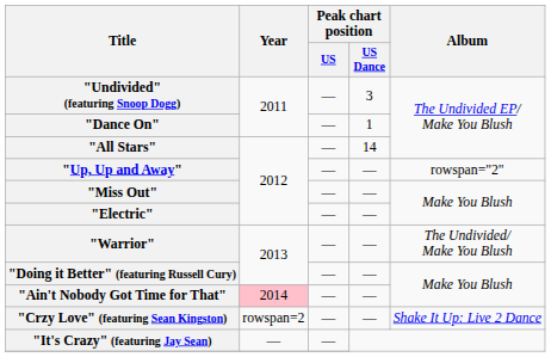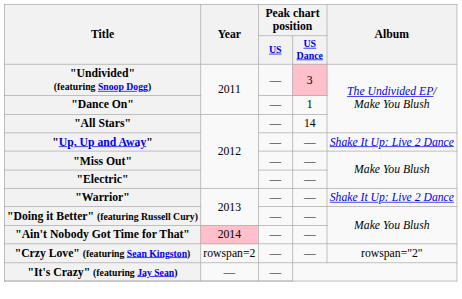 <table class="wikitable plainrowheaders" style="text-align:center;">
 <tr>
 <th scope="col" rowspan="2">Title</th>
 <th scope="col" rowspan="2">Year</th>
 <th scope="col" colspan="2">Peak chart position</th>
 <th scope="col" rowspan="2">Album</th>
 </tr>
 <tr>
 <th scope="col" style="width:3em;font-size:85%;"><a href='#'>US</a><br></th>
 <th scope="col" style="width:3em;font-size:85%;"><a href='#'>US<br>Dance</a><br></th>
 </tr>
 <tr>
 <th scope="row">"Undivided"<br><small>(featuring <a href='#'>Snoop Dogg</a>)</small></th>
 <td rowspan="2">2011</td>
 <td>—</td>
-<td>3</td>
+<td style="background: pink;">3</td>
 <td rowspan="3"><em><a href='#'>The Undivided EP</a>/<br>Make You Blush</em></td>
 </tr>
 <tr>
 <th scope="row">"Dance On"</th>
 <td>—</td>
 <td>1</td>
 </tr>
 <tr>
 <th scope="row">"All Stars"</th>
 <td rowspan=4>2012</td>
 <td>—</td>
 <td>14</td>
 </tr>
 <tr>
 <th scope="row">"<a href='#'>Up, Up and Away</a>"</th>
 <td>—</td>
 <td>—</td>
-<td>rowspan="2" </td>
+<td><em><a href='#'>Shake It Up: Live 2 Dance</a></em></td>
 </tr>
 <tr>
 <th scope="row">"Miss Out"</th>
 <td>—</td>
 <td>—</td>
 <td rowspan="2"><em>Make You Blush</em></td>
 </tr>
 <tr>
 <th scope="row">"Electric"</th>
 <td>—</td>
 <td>—</td>
 </tr>
 <tr>
 <th scope="row">"Warrior"</th>
 <td rowspan=2>2013</td>
 <td>—</td>
 <td>—</td>
-<td><em>The Undivided/<br>Make You Blush</em></td>
+<td><em><a href='#'>Shake It Up: Live 2 Dance</a></em></td>
 </tr>
 <tr>
 <th scope="row">"Doing it Better" <small>(featuring Russell Cury)</small></th>
 <td>—</td>
 <td>—</td>
 <td rowspan=2><em>Make You Blush</em></td>
 </tr>
 <tr>
 <th scope="row">"Ain't Nobody Got Time for That"</th>
 <td style="background: pink;">2014</td>
 <td>—</td>
 <td>—</td>
 </tr>
 <tr>
 <th scope="row">"Crzy Love" <small>(featuring <a href='#'>Sean Kingston</a>)</small></th>
 <td>rowspan=2 </td>
 <td>—</td>
 <td>—</td>
-<td><em><a href='#'>Shake It Up: Live 2 Dance</a></em></td>
+<td>rowspan="2" </td>
 </tr>
 <tr>
 <th scope="row">"It's Crazy" <small>(featuring <a href='#'>Jay Sean</a>)</small></th>
 <td>—</td>
 <td>—</td>
 </tr>
 <tr>
 </tr>
 </table>
